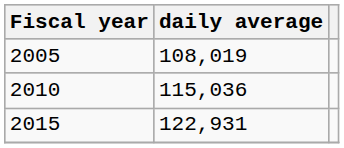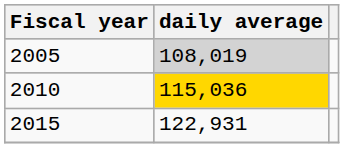 <table class="wikitable">
 <tr>
 <th>Fiscal year</th>
 <th>daily average</th>
 <th></th>
 </tr>
 <tr>
 <td>2005</td>
-<td>108,019</td>
+<td style="background: lightgrey;">108,019</td>
 <td></td>
 </tr>
 <tr>
 <td>2010</td>
-<td>115,036</td>
+<td style="background: gold;">115,036</td>
 <td></td>
 </tr>
 <tr>
 <td>2015</td>
 <td>122,931</td>
 <td></td>
 </tr>
 <tr>
 </tr>
 </table>
